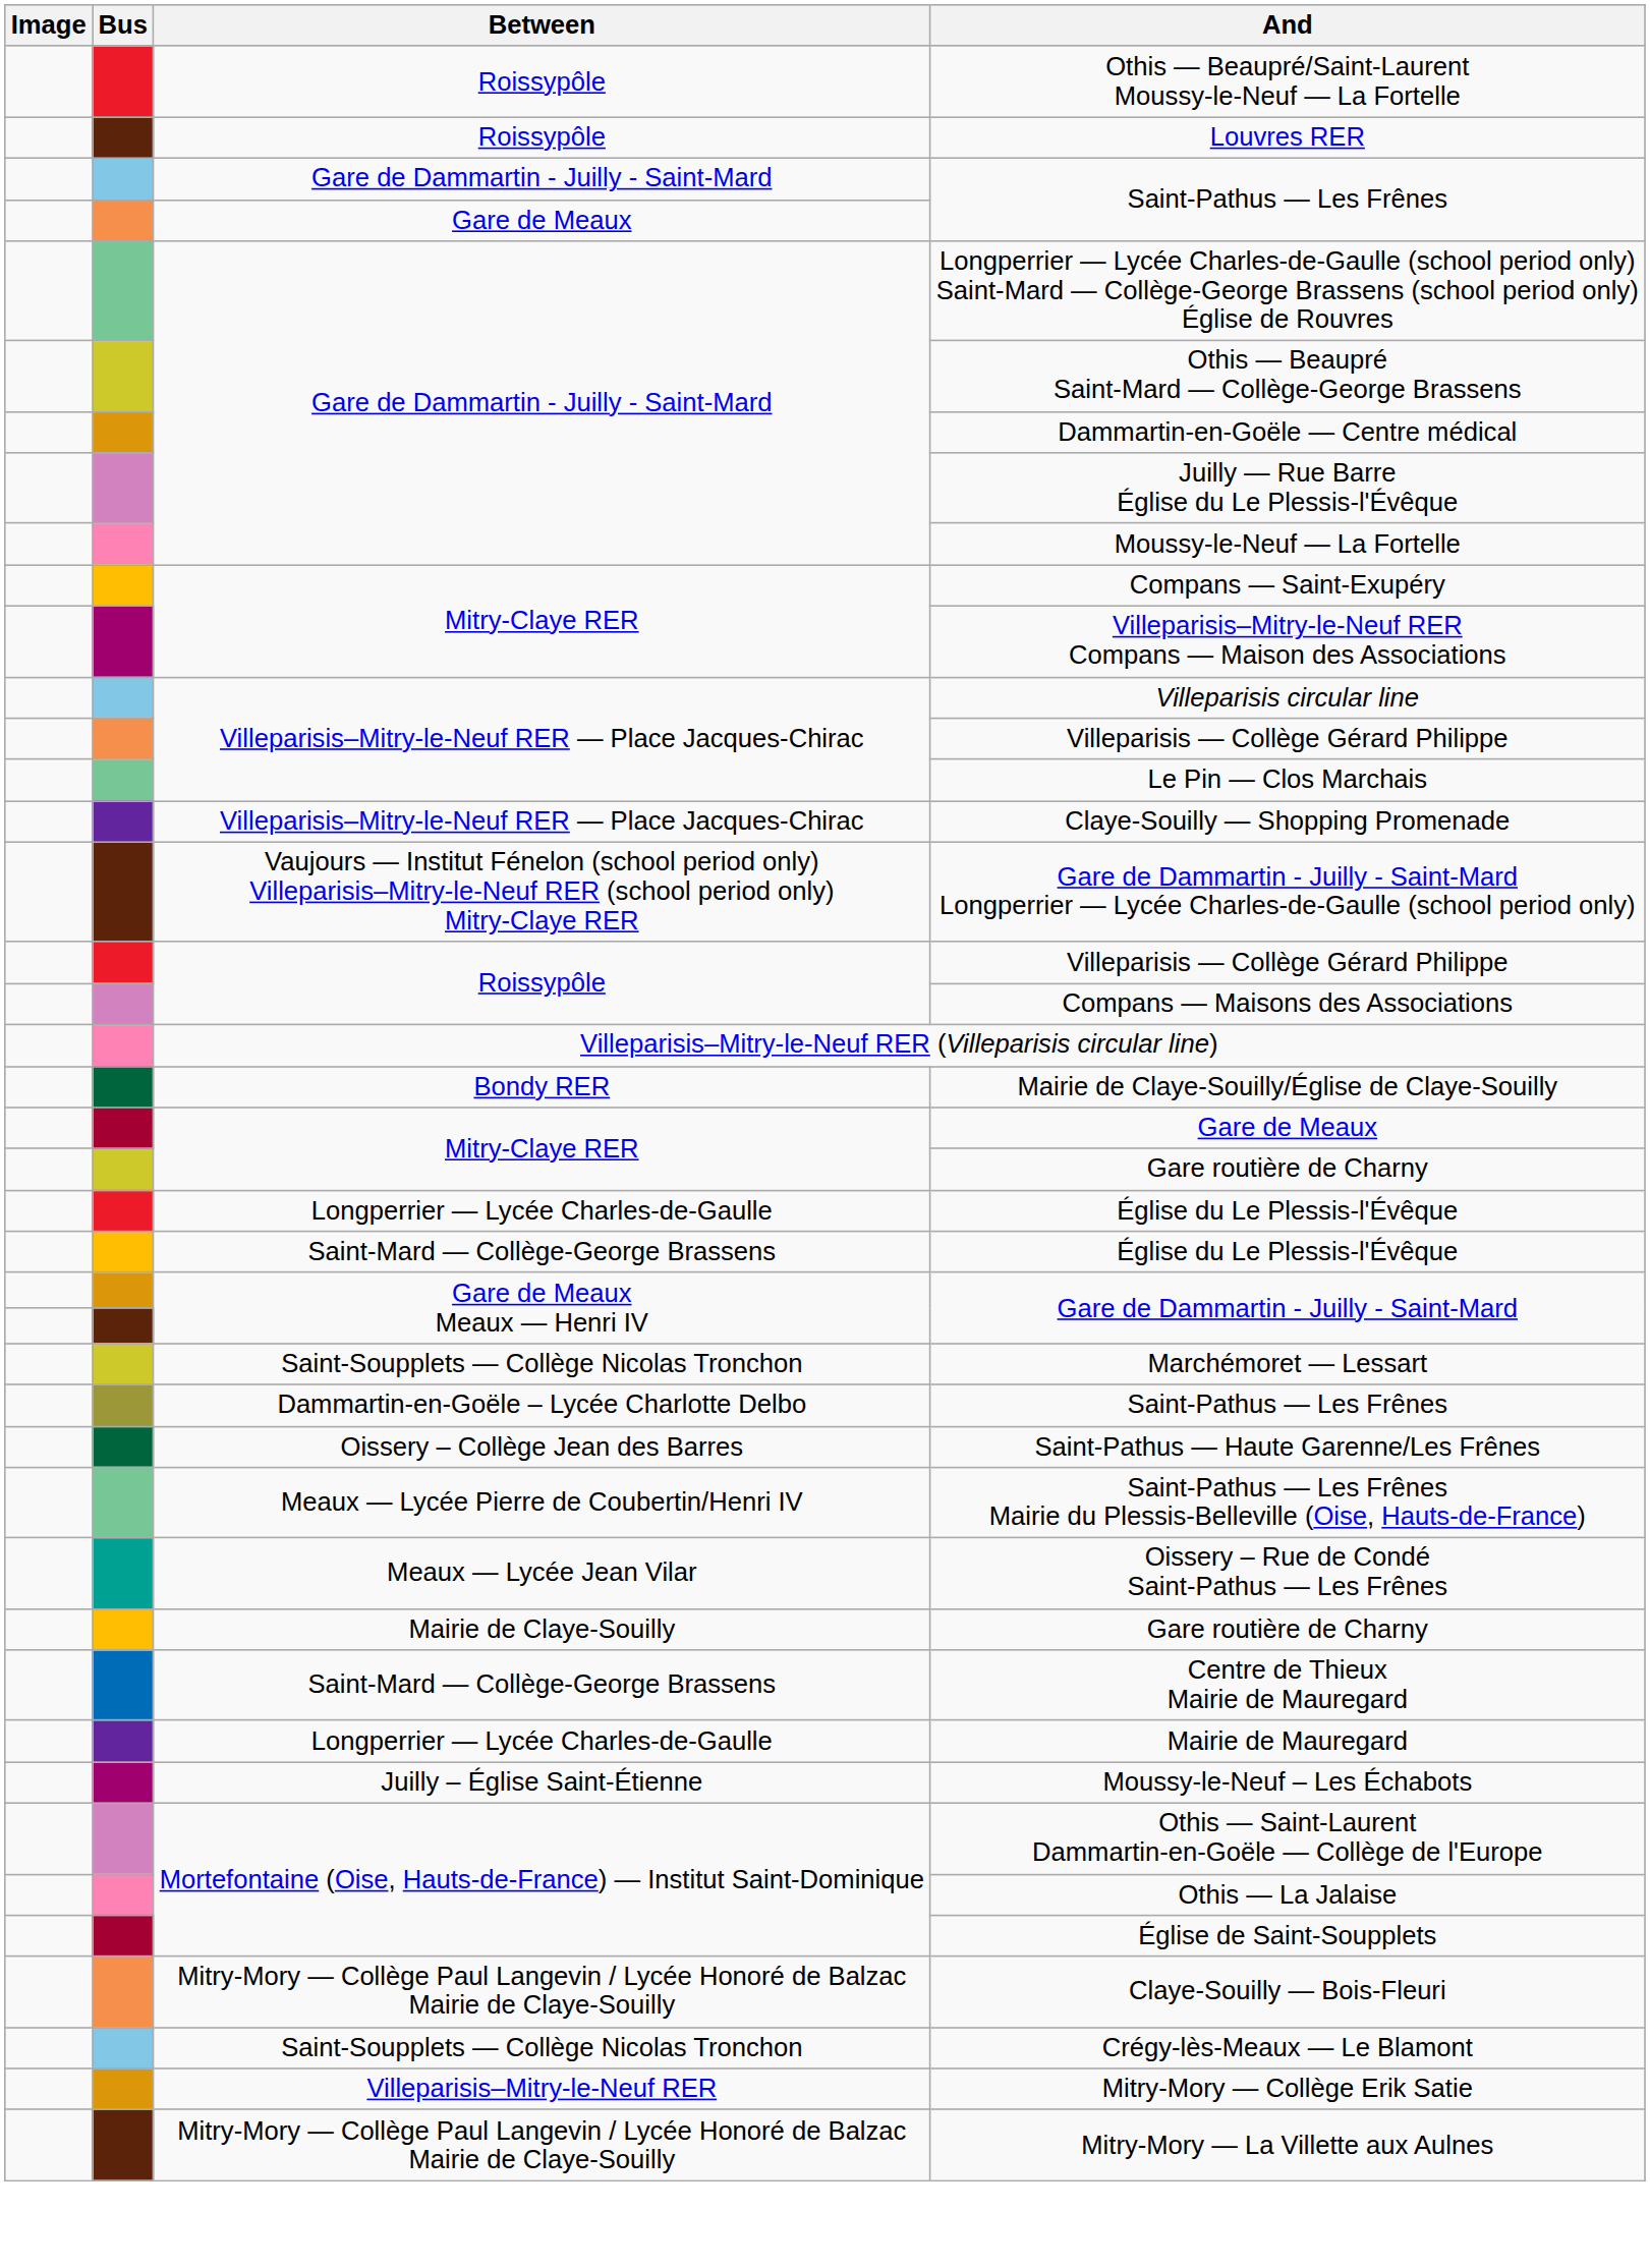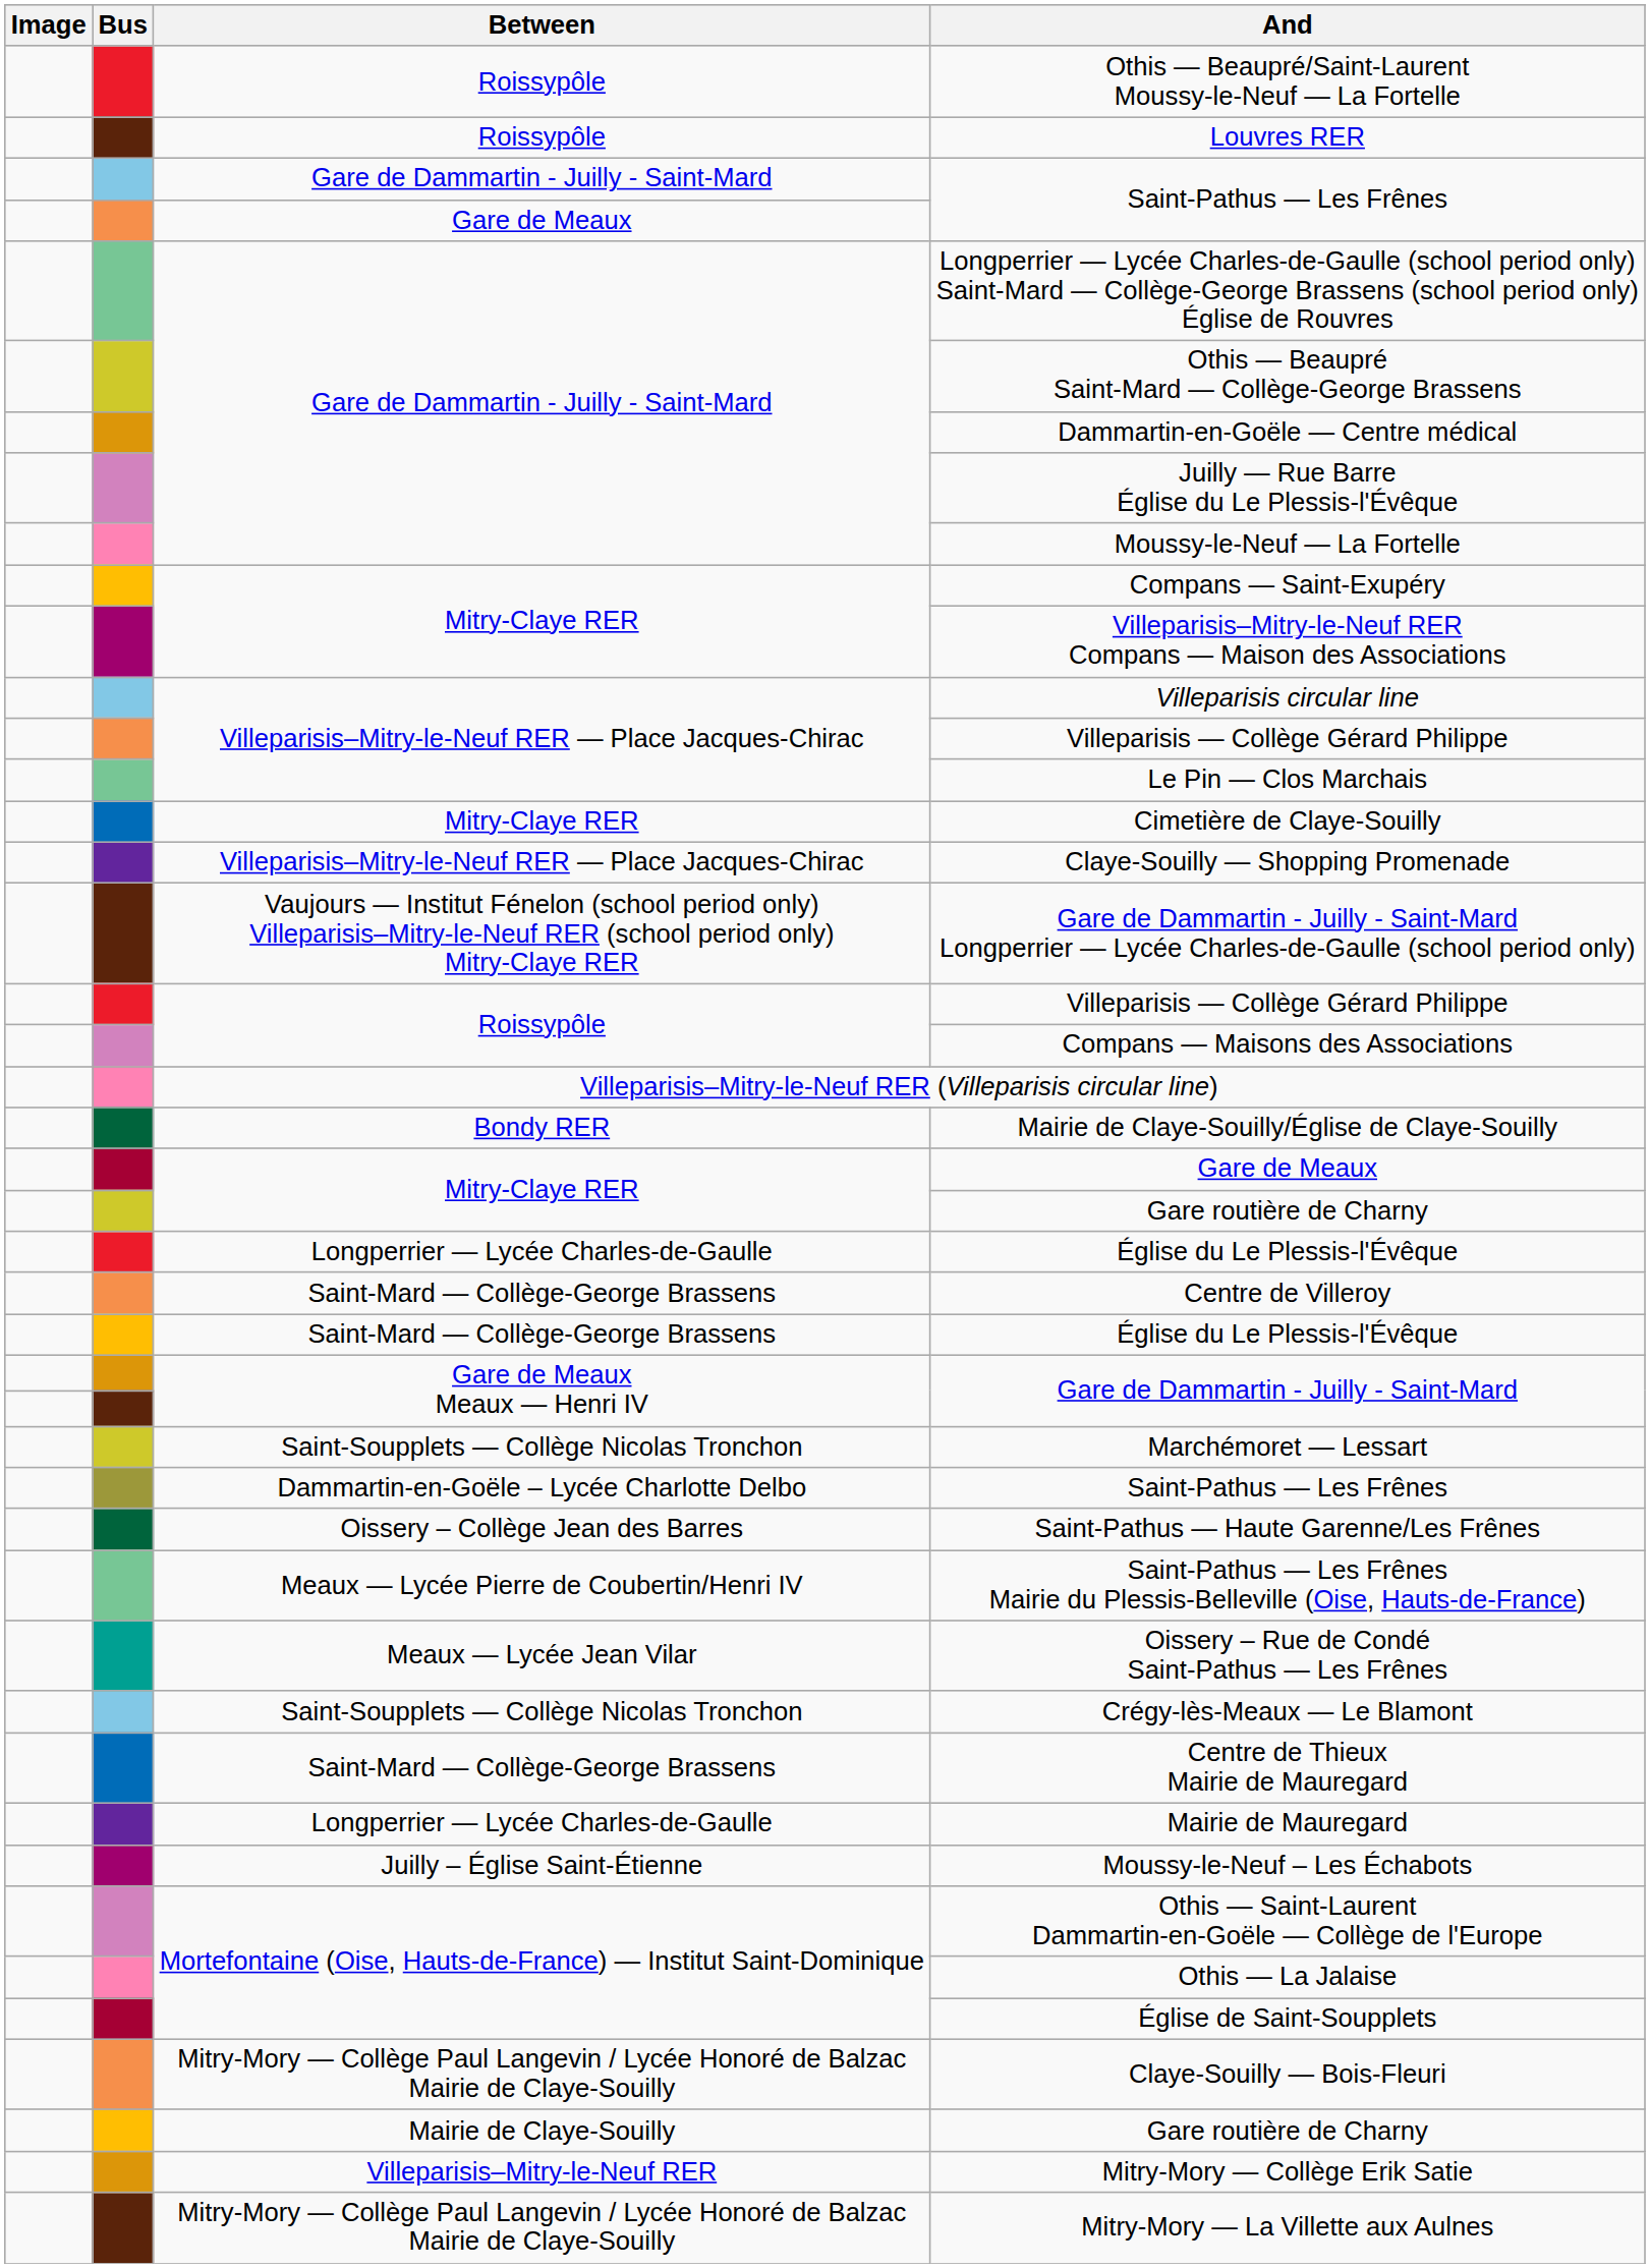 <table class="wikitable alternance centre" style="text-align:center;">
 <tr>
 <th>Image</th>
 <th>Bus</th>
 <th>Between</th>
 <th>And</th>
 </tr>
 <tr>
 <td></td>
 <td style="background:#ed1b2a;"></td>
 <td><a href='#'>Roissypôle</a></td>
 <td>Othis — Beaupré/Saint-Laurent<br>Moussy-le-Neuf — La Fortelle</td>
 </tr>
 <tr>
 <td></td>
 <td style="background:#5a230a;"></td>
 <td><a href='#'>Roissypôle</a></td>
 <td><a href='#'>Louvres RER</a></td>
 </tr>
 <tr>
 <td></td>
 <td style="background:#82c8e6;"></td>
 <td><a href='#'>Gare de Dammartin - Juilly - Saint-Mard</a></td>
 <td rowspan="2">Saint-Pathus — Les Frênes</td>
 </tr>
 <tr>
 <td></td>
 <td style="background:#f68f4b;"></td>
 <td><a href='#'>Gare de Meaux</a></td>
 </tr>
 <tr>
 <td></td>
 <td style="background:#77c695;"></td>
 <td rowspan="5"><a href='#'>Gare de Dammartin - Juilly - Saint-Mard</a></td>
 <td>Longperrier — Lycée Charles-de-Gaulle (school period only)<br>Saint-Mard — Collège-George Brassens (school period only)<br>Église de Rouvres</td>
 </tr>
 <tr>
 <td></td>
 <td style="background:#cec92a;"></td>
 <td>Othis — Beaupré<br>Saint-Mard — Collège-George Brassens</td>
 </tr>
 <tr>
 <td></td>
 <td style="background:#dc9609;"></td>
 <td>Dammartin-en-Goële — Centre médical</td>
 </tr>
 <tr>
 <td></td>
 <td style="background:#d282be;"></td>
 <td>Juilly — Rue Barre<br>Église du Le Plessis-l'Évêque</td>
 </tr>
 <tr>
 <td></td>
 <td style="background:#ff82b4;"></td>
 <td>Moussy-le-Neuf — La Fortelle</td>
 </tr>
 <tr>
 <td></td>
 <td style="background:#ffbe02;"></td>
 <td rowspan="2"><a href='#'>Mitry-Claye RER</a></td>
 <td>Compans — Saint-Exupéry</td>
 </tr>
 <tr>
 <td></td>
 <td style="background:#a0006e;"></td>
 <td><a href='#'>Villeparisis–Mitry-le-Neuf RER</a><br>Compans — Maison des Associations</td>
 </tr>
 <tr>
 <td></td>
 <td style="background:#82c8e6;"></td>
 <td rowspan="3"><a href='#'>Villeparisis–Mitry-le-Neuf RER</a> — Place Jacques-Chirac</td>
 <td><em>Villeparisis circular line</em></td>
 </tr>
 <tr>
 <td></td>
 <td style="background:#f68f4b;"></td>
 <td>Villeparisis — Collège Gérard Philippe</td>
 </tr>
 <tr>
 <td></td>
 <td style="background:#77c695;"></td>
 <td>Le Pin — Clos Marchais</td>
 </tr>
 <tr>
 <td></td>
+<td style="background:#006cb8;"></td>
+<td><a href='#'>Mitry-Claye RER</a></td>
+<td>Cimetière de Claye-Souilly</td>
+</tr>
+<tr>
+<td></td>
 <td style="background:#62259d;"></td>
 <td><a href='#'>Villeparisis–Mitry-le-Neuf RER</a> — Place Jacques-Chirac</td>
 <td>Claye-Souilly — Shopping Promenade</td>
 </tr>
 <tr>
 <td></td>
 <td style="background:#5a230a;"></td>
 <td>Vaujours — Institut Fénelon (school period only)<br><a href='#'>Villeparisis–Mitry-le-Neuf RER</a> (school period only)<br><a href='#'>Mitry-Claye RER</a></td>
 <td><a href='#'>Gare de Dammartin - Juilly - Saint-Mard</a><br>Longperrier — Lycée Charles-de-Gaulle (school period only)</td>
 </tr>
 <tr>
 <td></td>
 <td style="background:#ed1b2a;"></td>
 <td rowspan="2"><a href='#'>Roissypôle</a></td>
 <td>Villeparisis — Collège Gérard Philippe</td>
 </tr>
 <tr>
 <td></td>
 <td style="background:#d282be;"></td>
 <td>Compans — Maisons des Associations</td>
 </tr>
 <tr>
 <td></td>
 <td style="background:#ff82b4;"></td>
 <td colspan="2"><a href='#'>Villeparisis–Mitry-le-Neuf RER</a> (<em>Villeparisis circular line</em>)</td>
 </tr>
 <tr>
 <td></td>
 <td style="background:#00643c;"></td>
 <td><a href='#'>Bondy RER</a></td>
 <td>Mairie de Claye-Souilly/Église de Claye-Souilly</td>
 </tr>
 <tr>
 <td></td>
 <td style="background:#a50034;"></td>
 <td rowspan="2"><a href='#'>Mitry-Claye RER</a></td>
 <td><a href='#'>Gare de Meaux</a></td>
 </tr>
 <tr>
 <td></td>
 <td style="background:#cec92a;"></td>
 <td>Gare routière de Charny</td>
 </tr>
 <tr>
 <td></td>
 <td style="background:#ed1b2a;"></td>
 <td>Longperrier — Lycée Charles-de-Gaulle</td>
 <td>Église du Le Plessis-l'Évêque</td>
 </tr>
 <tr>
 <td></td>
+<td style="background:#f68f4b;"></td>
+<td>Saint-Mard — Collège-George Brassens</td>
+<td>Centre de Villeroy</td>
+</tr>
+<tr>
+<td></td>
 <td style="background:#ffbe02;"></td>
 <td>Saint-Mard — Collège-George Brassens</td>
 <td>Église du Le Plessis-l'Évêque</td>
 </tr>
 <tr>
 <td></td>
 <td style="background:#dc9609;"></td>
 <td rowspan="2"><a href='#'>Gare de Meaux</a><br>Meaux — Henri IV</td>
 <td rowspan="2"><a href='#'>Gare de Dammartin - Juilly - Saint-Mard</a></td>
 </tr>
 <tr>
 <td></td>
 <td style="background:#5a230a;"></td>
 </tr>
 <tr>
 <td></td>
 <td style="background:#cec92a;"></td>
 <td>Saint-Soupplets — Collège Nicolas Tronchon</td>
 <td>Marchémoret — Lessart</td>
 </tr>
 <tr>
 <td></td>
 <td style="background:#9c983a;"></td>
 <td>Dammartin-en-Goële – Lycée Charlotte Delbo</td>
 <td>Saint-Pathus — Les Frênes</td>
 </tr>
 <tr>
 <td></td>
 <td style="background:#00643c;"></td>
 <td>Oissery – Collège Jean des Barres</td>
 <td>Saint-Pathus — Haute Garenne/Les Frênes</td>
 </tr>
 <tr>
 <td></td>
 <td style="background:#77c695;"></td>
 <td>Meaux — Lycée Pierre de Coubertin/Henri IV</td>
 <td>Saint-Pathus — Les Frênes<br>Mairie du Plessis-Belleville (<a href='#'>Oise</a>, <a href='#'>Hauts-de-France</a>)</td>
 </tr>
 <tr>
 <td></td>
 <td style="background:#00a092;"></td>
 <td>Meaux — Lycée Jean Vilar</td>
 <td>Oissery – Rue de Condé<br>Saint-Pathus — Les Frênes</td>
 </tr>
 <tr>
 <td></td>
-<td style="background:#ffbe02;"></td>
-<td>Mairie de Claye-Souilly</td>
-<td>Gare routière de Charny</td>
+<td style="background:#82c8e6;"></td>
+<td>Saint-Soupplets — Collège Nicolas Tronchon</td>
+<td>Crégy-lès-Meaux — Le Blamont</td>
 </tr>
 <tr>
 <td></td>
 <td style="background:#006cb8;"></td>
 <td>Saint-Mard — Collège-George Brassens</td>
 <td>Centre de Thieux<br>Mairie de Mauregard</td>
 </tr>
 <tr>
 <td></td>
 <td style="background:#62259d;"></td>
 <td>Longperrier — Lycée Charles-de-Gaulle</td>
 <td>Mairie de Mauregard</td>
 </tr>
 <tr>
 <td></td>
 <td style="background:#a0006e;"></td>
 <td>Juilly – Église Saint-Étienne</td>
 <td>Moussy-le-Neuf – Les Échabots</td>
 </tr>
 <tr>
 <td></td>
 <td style="background:#d282be;"></td>
 <td rowspan="3"><a href='#'>Mortefontaine</a> (<a href='#'>Oise</a>, <a href='#'>Hauts-de-France</a>) — Institut Saint-Dominique</td>
 <td>Othis — Saint-Laurent<br>Dammartin-en-Goële — Collège de l'Europe</td>
 </tr>
 <tr>
 <td></td>
 <td style="background:#ff82b4;"></td>
 <td>Othis — La Jalaise</td>
 </tr>
 <tr>
 <td></td>
 <td style="background:#a50034;"></td>
 <td>Église de Saint-Soupplets</td>
 </tr>
 <tr>
 <td></td>
 <td style="background:#f68f4b;"></td>
 <td>Mitry-Mory — Collège Paul Langevin / Lycée Honoré de Balzac<br>Mairie de Claye-Souilly</td>
 <td>Claye-Souilly — Bois-Fleuri</td>
 </tr>
 <tr>
 <td></td>
-<td style="background:#82c8e6;"></td>
-<td>Saint-Soupplets — Collège Nicolas Tronchon</td>
-<td>Crégy-lès-Meaux — Le Blamont</td>
+<td style="background:#ffbe02;"></td>
+<td>Mairie de Claye-Souilly</td>
+<td>Gare routière de Charny</td>
 </tr>
 <tr>
 <td></td>
 <td style="background:#dc9609;"></td>
 <td><a href='#'>Villeparisis–Mitry-le-Neuf RER</a></td>
 <td>Mitry-Mory — Collège Erik Satie</td>
 </tr>
 <tr>
 <td></td>
 <td style="background:#5a230a;"></td>
 <td>Mitry-Mory — Collège Paul Langevin / Lycée Honoré de Balzac<br>Mairie de Claye-Souilly</td>
 <td>Mitry-Mory — La Villette aux Aulnes</td>
 </tr>
 </table>
